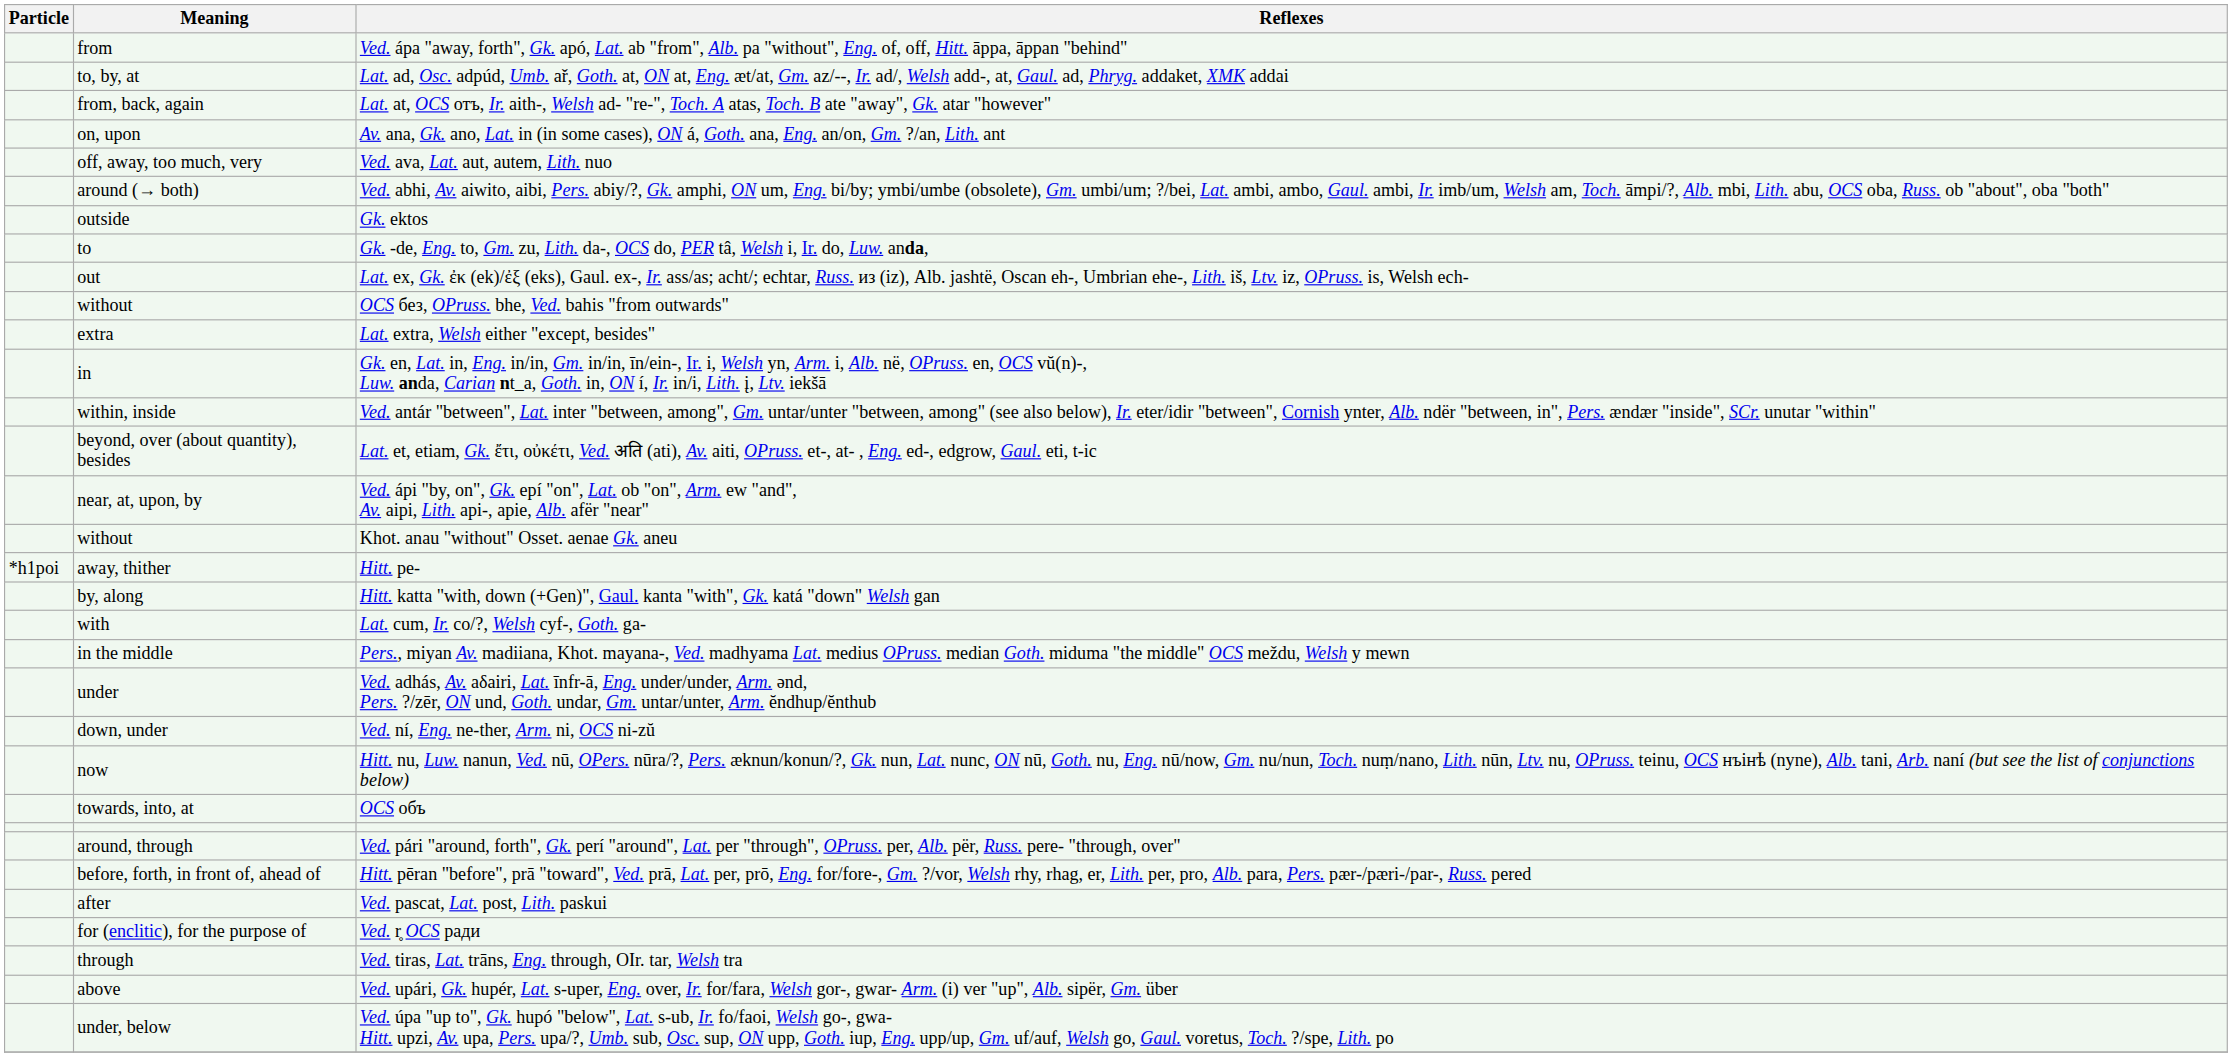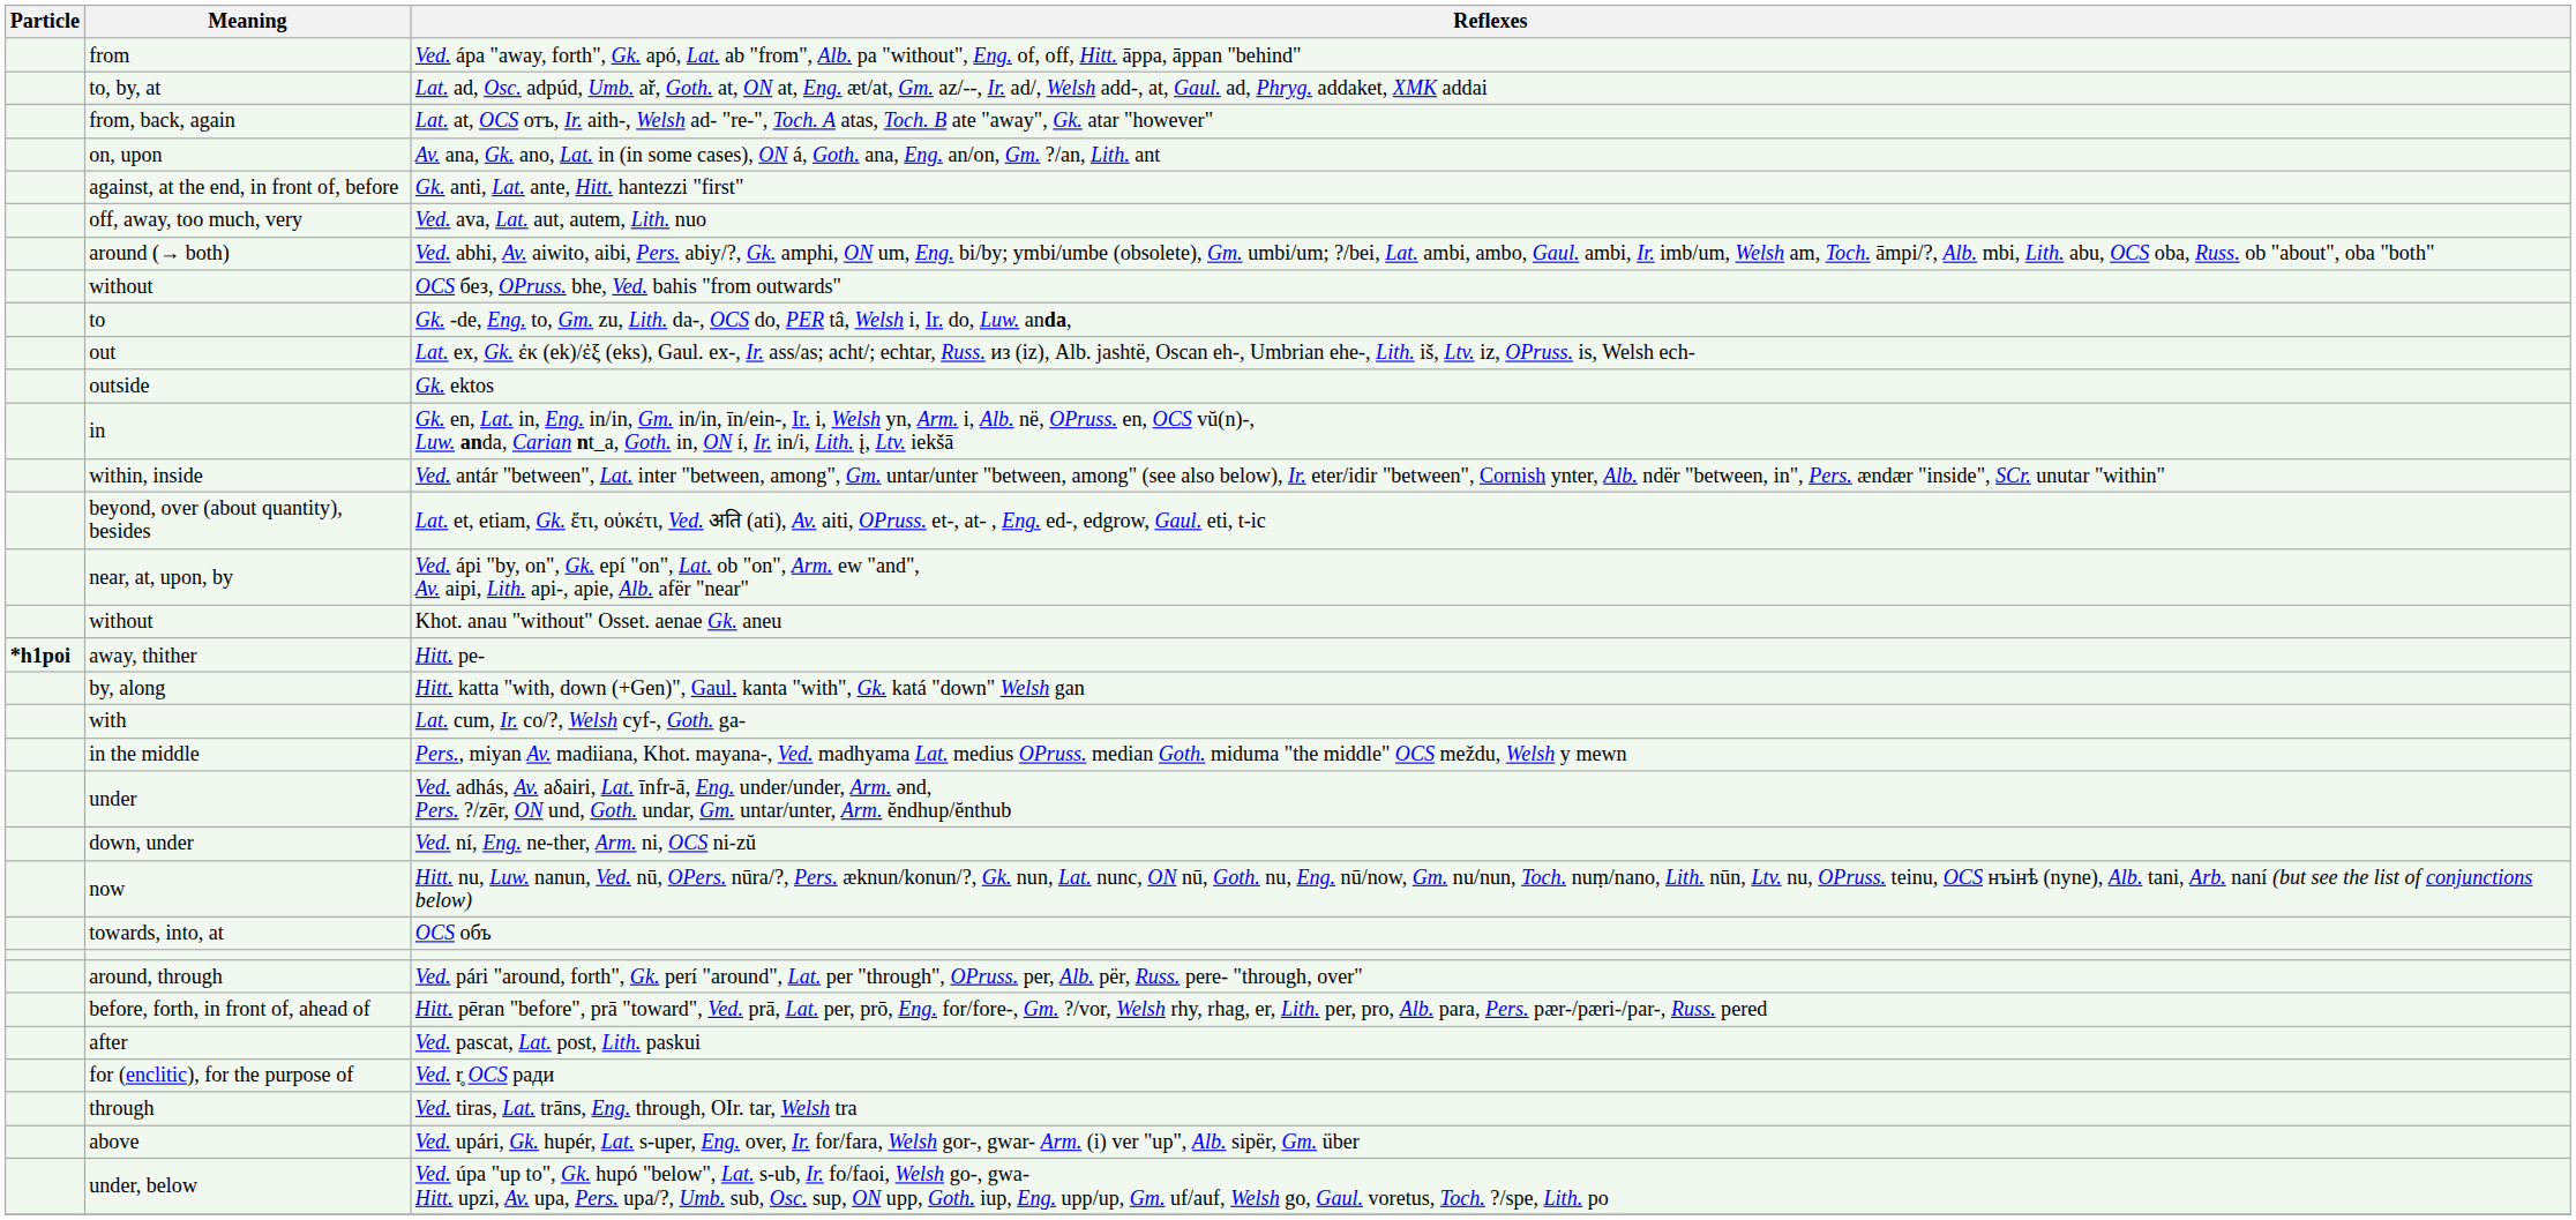 <table class="wikitable" style="background-color:#f0f8f0">
 <tr>
 <th>Particle</th>
 <th>Meaning</th>
 <th>Reflexes</th>
 </tr>
 <tr>
 <td></td>
 <td>from</td>
 <td><em><a href='#'>Ved.</a></em> ápa "away, forth", <em><a href='#'>Gk.</a></em> apó, <em><a href='#'>Lat.</a></em> ab "from", <em><a href='#'>Alb.</a></em> pa "without",  <em><a href='#'>Eng.</a></em> of, off, <em><a href='#'>Hitt.</a></em> āppa, āppan "behind"</td>
 </tr>
 <tr>
 <td></td>
 <td>to, by, at</td>
 <td><em><a href='#'>Lat.</a></em> ad, <em><a href='#'>Osc.</a></em> adpúd, <em><a href='#'>Umb.</a></em> ař, <em><a href='#'>Goth.</a></em> at, <em><a href='#'>ON</a></em> at, <em><a href='#'>Eng.</a></em> æt/at, <em><a href='#'>Gm.</a></em> az/--, <em><a href='#'>Ir.</a></em> ad/, <em><a href='#'>Welsh</a></em> add-, at, <em><a href='#'>Gaul.</a></em> ad, <em><a href='#'>Phryg.</a></em> addaket, <em><a href='#'>XMK</a></em> addai</td>
 </tr>
 <tr>
 <td></td>
 <td>from, back, again</td>
 <td><em><a href='#'>Lat.</a></em> at, <em><a href='#'>OCS</a></em> отъ, <em><a href='#'>Ir.</a></em> aith-, <em><a href='#'>Welsh</a></em> ad- "re-", <em><a href='#'>Toch. A</a></em> atas, <em><a href='#'>Toch. B</a></em> ate "away",  <em><a href='#'>Gk.</a></em> atar "however"</td>
 </tr>
 <tr>
 <td></td>
 <td>on, upon</td>
 <td><em><a href='#'>Av.</a></em> ana, <em><a href='#'>Gk.</a></em> ano, <em><a href='#'>Lat.</a></em> in (in some cases), <em><a href='#'>ON</a></em> á, <em><a href='#'>Goth.</a></em> ana, <em><a href='#'>Eng.</a></em> an/on, <em><a href='#'>Gm.</a></em> ?/an, <em><a href='#'>Lith.</a></em> ant</td>
 </tr>
 <tr>
 <td></td>
+<td>against, at the end, in front of, before</td>
+<td><em><a href='#'>Gk.</a></em> anti,  <em><a href='#'>Lat.</a></em> ante, <em><a href='#'>Hitt.</a></em> hantezzi "first"</td>
+</tr>
+<tr>
+<td></td>
 <td>off, away, too much, very</td>
 <td><em><a href='#'>Ved.</a></em> ava, <em><a href='#'>Lat.</a></em> aut, autem, <em><a href='#'>Lith.</a></em> nuo</td>
 </tr>
 <tr>
 <td></td>
 <td>around (→ both)</td>
 <td><em><a href='#'>Ved.</a></em> abhi, <em><a href='#'>Av.</a></em> aiwito, aibi, <em><a href='#'>Pers.</a></em> abiy/?, <em><a href='#'>Gk.</a></em> amphi, <em><a href='#'>ON</a></em> um, <em><a href='#'>Eng.</a></em> bi/by;  ymbi/umbe (obsolete), <em><a href='#'>Gm.</a></em> umbi/um; ?/bei,  <em><a href='#'>Lat.</a></em> ambi, ambo, <em><a href='#'>Gaul.</a></em> ambi, <em><a href='#'>Ir.</a></em> imb/um, <em><a href='#'>Welsh</a></em> am, <em><a href='#'>Toch.</a></em> āmpi/?, <em><a href='#'>Alb.</a></em> mbi, <em><a href='#'>Lith.</a></em> abu, <em><a href='#'>OCS</a></em> oba, <em><a href='#'>Russ.</a></em> ob "about", oba "both"</td>
 </tr>
 <tr>
 <td></td>
-<td>outside</td>
-<td><em><a href='#'>Gk.</a></em> ektos</td>
+<td>without</td>
+<td><em><a href='#'>OCS</a></em> без, <em><a href='#'>OPruss.</a></em> bhe, <em><a href='#'>Ved.</a></em> bahis "from outwards"</td>
 </tr>
 <tr>
 <td></td>
 <td>to</td>
 <td><em><a href='#'>Gk.</a></em> -de, <em><a href='#'>Eng.</a></em> to, <em><a href='#'>Gm.</a></em> zu, <em><a href='#'>Lith.</a></em> da-, <em><a href='#'>OCS</a></em> do, <em><a href='#'>PER</a></em> tâ, <em><a href='#'>Welsh</a></em> i, <a href='#'>Ir.</a> do, <em><a href='#'>Luw.</a></em> an<strong>da</strong>,</td>
 </tr>
 <tr>
 <td></td>
 <td>out</td>
 <td><em><a href='#'>Lat.</a></em> ex, <em><a href='#'>Gk.</a></em> ἐκ (ek)/ἐξ (eks), Gaul. ex-, <em><a href='#'>Ir.</a></em> ass/as; acht/; echtar, <em><a href='#'>Russ.</a></em> из (iz), Alb. jashtë, Oscan eh-, Umbrian ehe-, <em><a href='#'>Lith.</a></em> iš, <em><a href='#'>Ltv.</a></em> iz, <em><a href='#'>OPruss.</a></em> is, Welsh ech-</td>
 </tr>
 <tr>
 <td></td>
-<td>without</td>
-<td><em><a href='#'>OCS</a></em> без, <em><a href='#'>OPruss.</a></em> bhe, <em><a href='#'>Ved.</a></em> bahis "from outwards"</td>
-</tr>
-<tr>
-<td></td>
-<td>extra</td>
-<td><em><a href='#'>Lat.</a></em> extra, <em><a href='#'>Welsh</a></em> either "except, besides"</td>
+<td>outside</td>
+<td><em><a href='#'>Gk.</a></em> ektos</td>
 </tr>
 <tr>
 <td></td>
 <td>in</td>
 <td><em><a href='#'>Gk.</a></em> en, <em><a href='#'>Lat.</a></em> in, <em><a href='#'>Eng.</a></em> in/in, <em><a href='#'>Gm.</a></em> in/in, īn/ein-, <a href='#'>Ir.</a> i, <em><a href='#'>Welsh</a></em> yn, <em><a href='#'>Arm.</a></em> i, <em><a href='#'>Alb.</a></em> në, <em><a href='#'>OPruss.</a></em> en, <em><a href='#'>OCS</a></em> vŭ(n)-,<br><em><a href='#'>Luw.</a></em> <strong>an</strong>da, <em><a href='#'>Carian</a></em> <strong>n</strong>t_a, <em><a href='#'>Goth.</a></em> in, <em><a href='#'>ON</a></em> í, <em><a href='#'>Ir.</a></em> in/i, <em><a href='#'>Lith.</a></em> į, <em><a href='#'>Ltv.</a></em> iekšā</td>
 </tr>
 <tr>
 <td></td>
 <td>within, inside</td>
 <td><em><a href='#'>Ved.</a></em> antár "between", <em><a href='#'>Lat.</a></em> inter "between, among", <em><a href='#'>Gm.</a></em> untar/unter "between, among" (see also  below), <em><a href='#'>Ir.</a></em> eter/idir "between", <a href='#'>Cornish</a> ynter, <em><a href='#'>Alb.</a></em> ndër "between, in",  <em><a href='#'>Pers.</a></em> ændær "inside", <em><a href='#'>SCr.</a></em> unutar "within"</td>
 </tr>
 <tr>
 <td></td>
 <td>beyond, over (about quantity), besides</td>
 <td><em><a href='#'>Lat.</a></em> et, etiam, <em><a href='#'>Gk.</a></em> ἔτι, οὐκέτι, <em><a href='#'>Ved.</a></em> अति (ati), <em><a href='#'>Av.</a></em> aiti, <em><a href='#'>OPruss.</a></em> et-, at- , <em><a href='#'>Eng.</a></em> ed-, edgrow, <em><a href='#'>Gaul.</a></em> eti, t-ic</td>
 </tr>
 <tr>
 <td></td>
 <td>near, at, upon, by</td>
 <td><em><a href='#'>Ved.</a></em> ápi "by, on", <em><a href='#'>Gk.</a></em> epí "on", <em><a href='#'>Lat.</a></em> ob "on", <em><a href='#'>Arm.</a></em> ew "and",<br><em><a href='#'>Av.</a></em> aipi, <em><a href='#'>Lith.</a></em> api-, apie, <em><a href='#'>Alb.</a></em> afër "near" </td>
 </tr>
 <tr>
 <td></td>
 <td>without</td>
 <td>Khot. anau "without" Osset. aenae <em><a href='#'>Gk.</a></em> aneu</td>
 </tr>
 <tr>
-<td>*h1poi</td>
+<td><strong>*h1poi</strong></td>
 <td>away, thither</td>
 <td><em><a href='#'>Hitt.</a></em> pe-</td>
 </tr>
 <tr>
 <td></td>
 <td>by, along</td>
 <td><em><a href='#'>Hitt.</a></em> katta "with, down (+Gen)", <a href='#'>Gaul.</a> kanta "with", <em><a href='#'>Gk.</a></em> katá "down" <em><a href='#'>Welsh</a></em> gan</td>
 </tr>
 <tr>
 <td></td>
 <td>with</td>
 <td><em><a href='#'>Lat.</a></em> cum, <em><a href='#'>Ir.</a></em> co/?, <em><a href='#'>Welsh</a></em> cyf-, <em><a href='#'>Goth.</a></em> ga-</td>
 </tr>
 <tr>
 <td></td>
 <td>in the middle</td>
 <td><em><a href='#'>Pers.</a></em>, miyan <em><a href='#'>Av.</a></em> madiiana, Khot. mayana-, <em><a href='#'>Ved.</a></em> madhyama <em><a href='#'>Lat.</a></em> medius <em><a href='#'>OPruss.</a></em> median <em><a href='#'>Goth.</a></em> miduma "the middle" <em><a href='#'>OCS</a></em> meždu, <em><a href='#'>Welsh</a></em> y mewn</td>
 </tr>
 <tr>
 <td></td>
 <td>under</td>
 <td><em><a href='#'>Ved.</a></em> adhás, <em><a href='#'>Av.</a></em> aδairi, <em><a href='#'>Lat.</a></em> īnfr-ā, <em><a href='#'>Eng.</a></em> under/under, <em><a href='#'>Arm.</a></em> ənd,<br><em><a href='#'>Pers.</a></em> ?/zēr, <em><a href='#'>ON</a></em> und, <em><a href='#'>Goth.</a></em> undar, <em><a href='#'>Gm.</a></em> untar/unter, <em><a href='#'>Arm.</a></em> ĕndhup/ĕnthub</td>
 </tr>
 <tr>
 <td></td>
 <td>down, under</td>
 <td><em><a href='#'>Ved.</a></em> ní, <em><a href='#'>Eng.</a></em> ne-ther, <em><a href='#'>Arm.</a></em> ni, <em><a href='#'>OCS</a></em> ni-zŭ</td>
 </tr>
 <tr>
 <td></td>
 <td>now</td>
 <td><em><a href='#'>Hitt.</a></em> nu, <em><a href='#'>Luw.</a></em> nanun, <em><a href='#'>Ved.</a></em> nū, <em><a href='#'>OPers.</a></em> nūra/?, <em><a href='#'>Pers.</a></em> æknun/konun/?, <em><a href='#'>Gk.</a></em> nun, <em><a href='#'>Lat.</a></em> nunc, <em><a href='#'>ON</a></em> nū, <em><a href='#'>Goth.</a></em> nu, <em><a href='#'>Eng.</a></em> nū/now, <em><a href='#'>Gm.</a></em> nu/nun, <em><a href='#'>Toch.</a></em> nuṃ/nano, <em><a href='#'>Lith.</a></em> nūn, <em><a href='#'>Ltv.</a></em> nu, <em><a href='#'>OPruss.</a></em> teinu, <em><a href='#'>OCS</a></em> нъінѣ (nyne), <em><a href='#'>Alb.</a></em> tani, <em><a href='#'>Arb.</a></em> naní <em>(but see the list of <a href='#'>conjunctions</a> below)</em></td>
 </tr>
 <tr>
 <td></td>
 <td>towards, into, at</td>
 <td><em><a href='#'>OCS</a></em> объ</td>
 </tr>
 <tr>
 <td></td>
 <td></td>
 <td></td>
 </tr>
 <tr>
 <td></td>
 <td>around, through</td>
 <td><em><a href='#'>Ved.</a></em> pári "around, forth", <em><a href='#'>Gk.</a></em> perí "around", <em><a href='#'>Lat.</a></em> per "through", <em><a href='#'>OPruss.</a></em> per, <em><a href='#'>Alb.</a></em> për, <em><a href='#'>Russ.</a></em> pere- "through, over"</td>
 </tr>
 <tr>
 <td></td>
 <td>before, forth, in front of, ahead of</td>
 <td><em><a href='#'>Hitt.</a></em> pēran "before", prā "toward", <em><a href='#'>Ved.</a></em> prā, <em><a href='#'>Lat.</a></em> per, prō, <em><a href='#'>Eng.</a></em> for/fore-, <em><a href='#'>Gm.</a></em> ?/vor, <em><a href='#'>Welsh</a></em> rhy, rhag, er, <em><a href='#'>Lith.</a></em> per, pro, <em><a href='#'>Alb.</a></em> para, <em><a href='#'>Pers.</a></em> pær-/pæri-/par-, <em><a href='#'>Russ.</a></em> pered</td>
 </tr>
 <tr>
 <td></td>
 <td>after</td>
 <td><em><a href='#'>Ved.</a></em> pascat, <em><a href='#'>Lat.</a></em> post, <em><a href='#'>Lith.</a></em> paskui</td>
 </tr>
 <tr>
 <td></td>
 <td>for (<a href='#'>enclitic</a>), for the purpose of</td>
 <td><em><a href='#'>Ved.</a></em> r̥ <em><a href='#'>OCS</a></em> ради</td>
 </tr>
 <tr>
 <td></td>
 <td>through</td>
 <td><em><a href='#'>Ved.</a></em> tiras, <em><a href='#'>Lat.</a></em> trāns, <em><a href='#'>Eng.</a></em> through, OIr. tar, <em><a href='#'>Welsh</a></em> tra</td>
 </tr>
 <tr>
 <td></td>
 <td>above</td>
 <td><em><a href='#'>Ved.</a></em> upári, <em><a href='#'>Gk.</a></em> hupér, <em><a href='#'>Lat.</a></em> s-uper, <em><a href='#'>Eng.</a></em> over, <em><a href='#'>Ir.</a></em> for/fara, <em><a href='#'>Welsh</a></em> gor-, gwar- <em><a href='#'>Arm.</a></em> (i) ver "up", <em><a href='#'>Alb.</a></em> sipër, <em><a href='#'>Gm.</a></em> über</td>
 </tr>
 <tr>
 <td></td>
 <td>under, below</td>
 <td><em><a href='#'>Ved.</a></em> úpa "up to", <em><a href='#'>Gk.</a></em> hupó "below", <em><a href='#'>Lat.</a></em> s-ub, <em><a href='#'>Ir.</a></em> fo/faoi, <em><a href='#'>Welsh</a></em> go-, gwa-<br><em><a href='#'>Hitt.</a></em> upzi, <em><a href='#'>Av.</a></em> upa, <em><a href='#'>Pers.</a></em> upa/?, <em><a href='#'>Umb.</a></em> sub, <em><a href='#'>Osc.</a></em> sup, <em><a href='#'>ON</a></em> upp, <em><a href='#'>Goth.</a></em> iup, <em><a href='#'>Eng.</a></em> upp/up, <em><a href='#'>Gm.</a></em> uf/auf, <em><a href='#'>Welsh</a></em> go, <em><a href='#'>Gaul.</a></em> voretus, <em><a href='#'>Toch.</a></em> ?/spe, <em><a href='#'>Lith.</a></em> po</td>
 </tr>
 <tr>
 </tr>
 </table>
